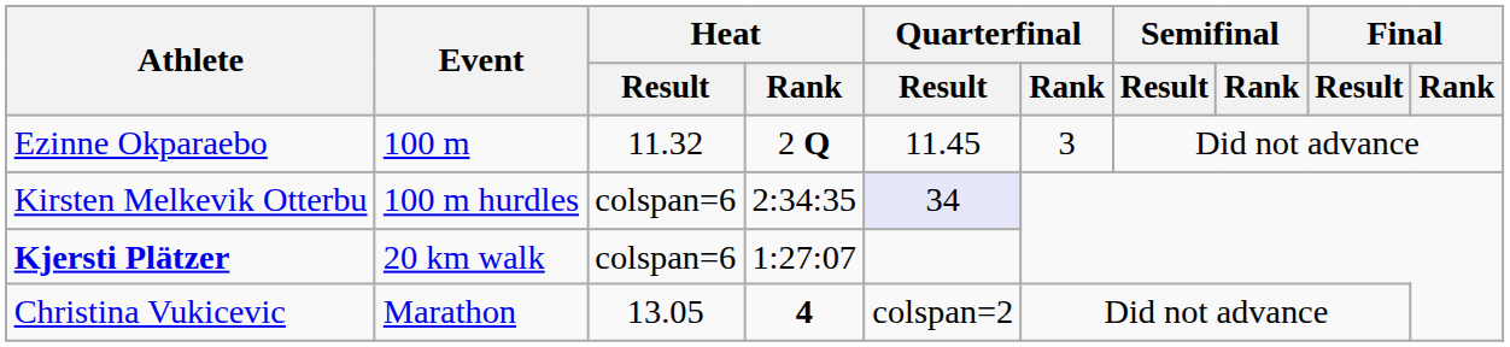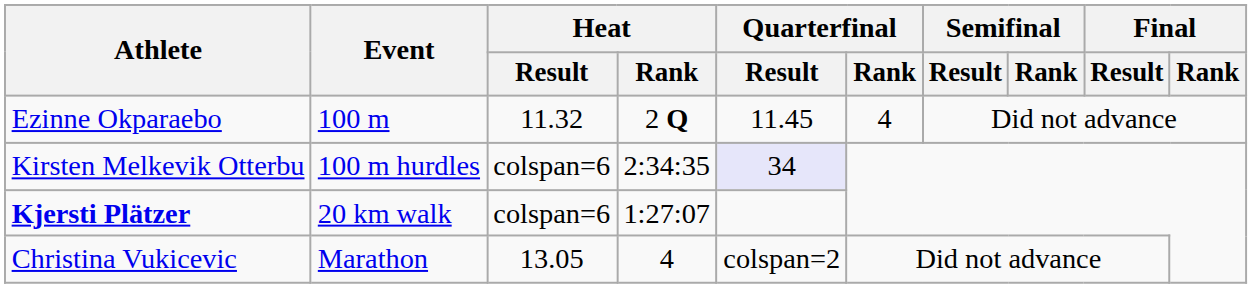 <table class=wikitable style="font-size:90%">
 <tr>
 <th rowspan="2">Athlete</th>
 <th rowspan="2">Event</th>
 <th colspan="2">Heat</th>
 <th colspan="2">Quarterfinal</th>
 <th colspan="2">Semifinal</th>
 <th colspan="2">Final</th>
 </tr>
 <tr style="font-size:95%">
 <th>Result</th>
 <th>Rank</th>
 <th>Result</th>
 <th>Rank</th>
 <th>Result</th>
 <th>Rank</th>
 <th>Result</th>
 <th>Rank</th>
 </tr>
 <tr align=center>
 <td align=left><a href='#'>Ezinne Okparaebo</a></td>
 <td align=left><a href='#'>100 m</a></td>
 <td>11.32</td>
 <td>2 <strong>Q</strong></td>
 <td>11.45</td>
-<td>3</td>
+<td>4</td>
 <td colspan=4>Did not advance</td>
 </tr>
 <tr align=center>
 <td align=left><a href='#'>Kirsten Melkevik Otterbu</a></td>
 <td align=left><a href='#'>100 m hurdles</a></td>
 <td>colspan=6 </td>
 <td>2:34:35</td>
 <td style="background: lavender;">34</td>
 </tr>
 <tr align=center>
 <td align=left><strong><a href='#'>Kjersti Plätzer</a></strong></td>
 <td align=left><a href='#'>20 km walk</a></td>
 <td>colspan=6 </td>
 <td>1:27:07</td>
 <td></td>
 </tr>
 <tr align=center>
 <td align=left><a href='#'>Christina Vukicevic</a></td>
 <td align=left><a href='#'>Marathon</a></td>
 <td>13.05</td>
-<td><strong>4</strong></td>
+<td>4</td>
 <td>colspan=2 </td>
 <td colspan=4>Did not advance</td>
 </tr>
 </table>
